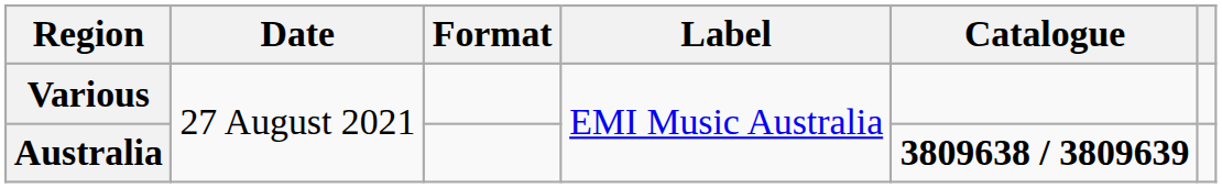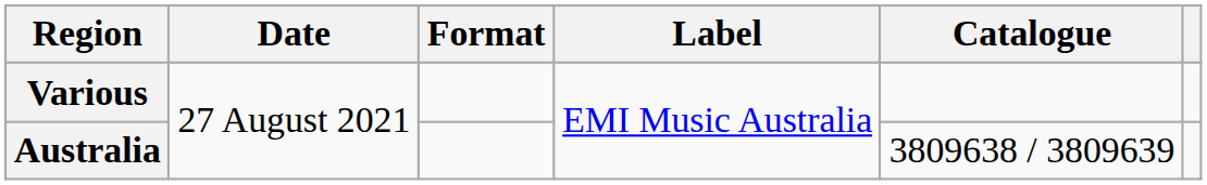 <table class="wikitable plainrowheaders" style="text-align:center;">
 <tr>
 <th>Region</th>
 <th>Date</th>
 <th>Format</th>
 <th>Label</th>
 <th>Catalogue</th>
 <th></th>
 </tr>
 <tr>
 <th scope="row">Various</th>
 <td rowspan="2">27 August 2021</td>
 <td></td>
 <td rowspan="2"><a href='#'>EMI Music Australia</a></td>
 <td></td>
 <td></td>
 </tr>
 <tr>
 <th scope="row">Australia</th>
 <td></td>
-<td><strong>3809638 / 3809639</strong></td>
+<td>3809638 / 3809639</td>
 <td></td>
 </tr>
 </table>
